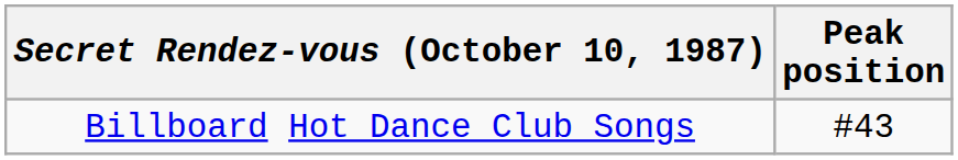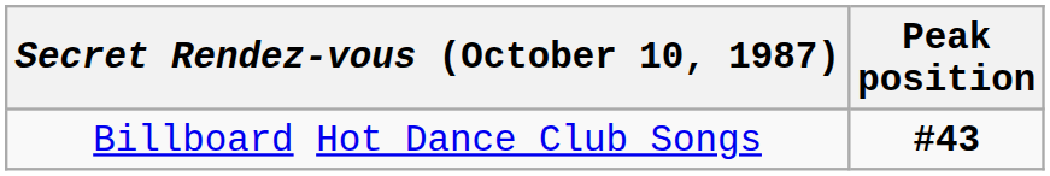 <table style="text-align:center;" class="wikitable plainrowheaders">
 <tr>
 <th><em>Secret Rendez-vous</em> (October 10, 1987)</th>
 <th>Peak<br>position</th>
 </tr>
 <tr>
 <td><a href='#'>Billboard</a> <a href='#'>Hot Dance Club Songs</a></td>
-<td>#43</td>
+<td><strong>#43</strong></td>
 </tr>
 </table>
